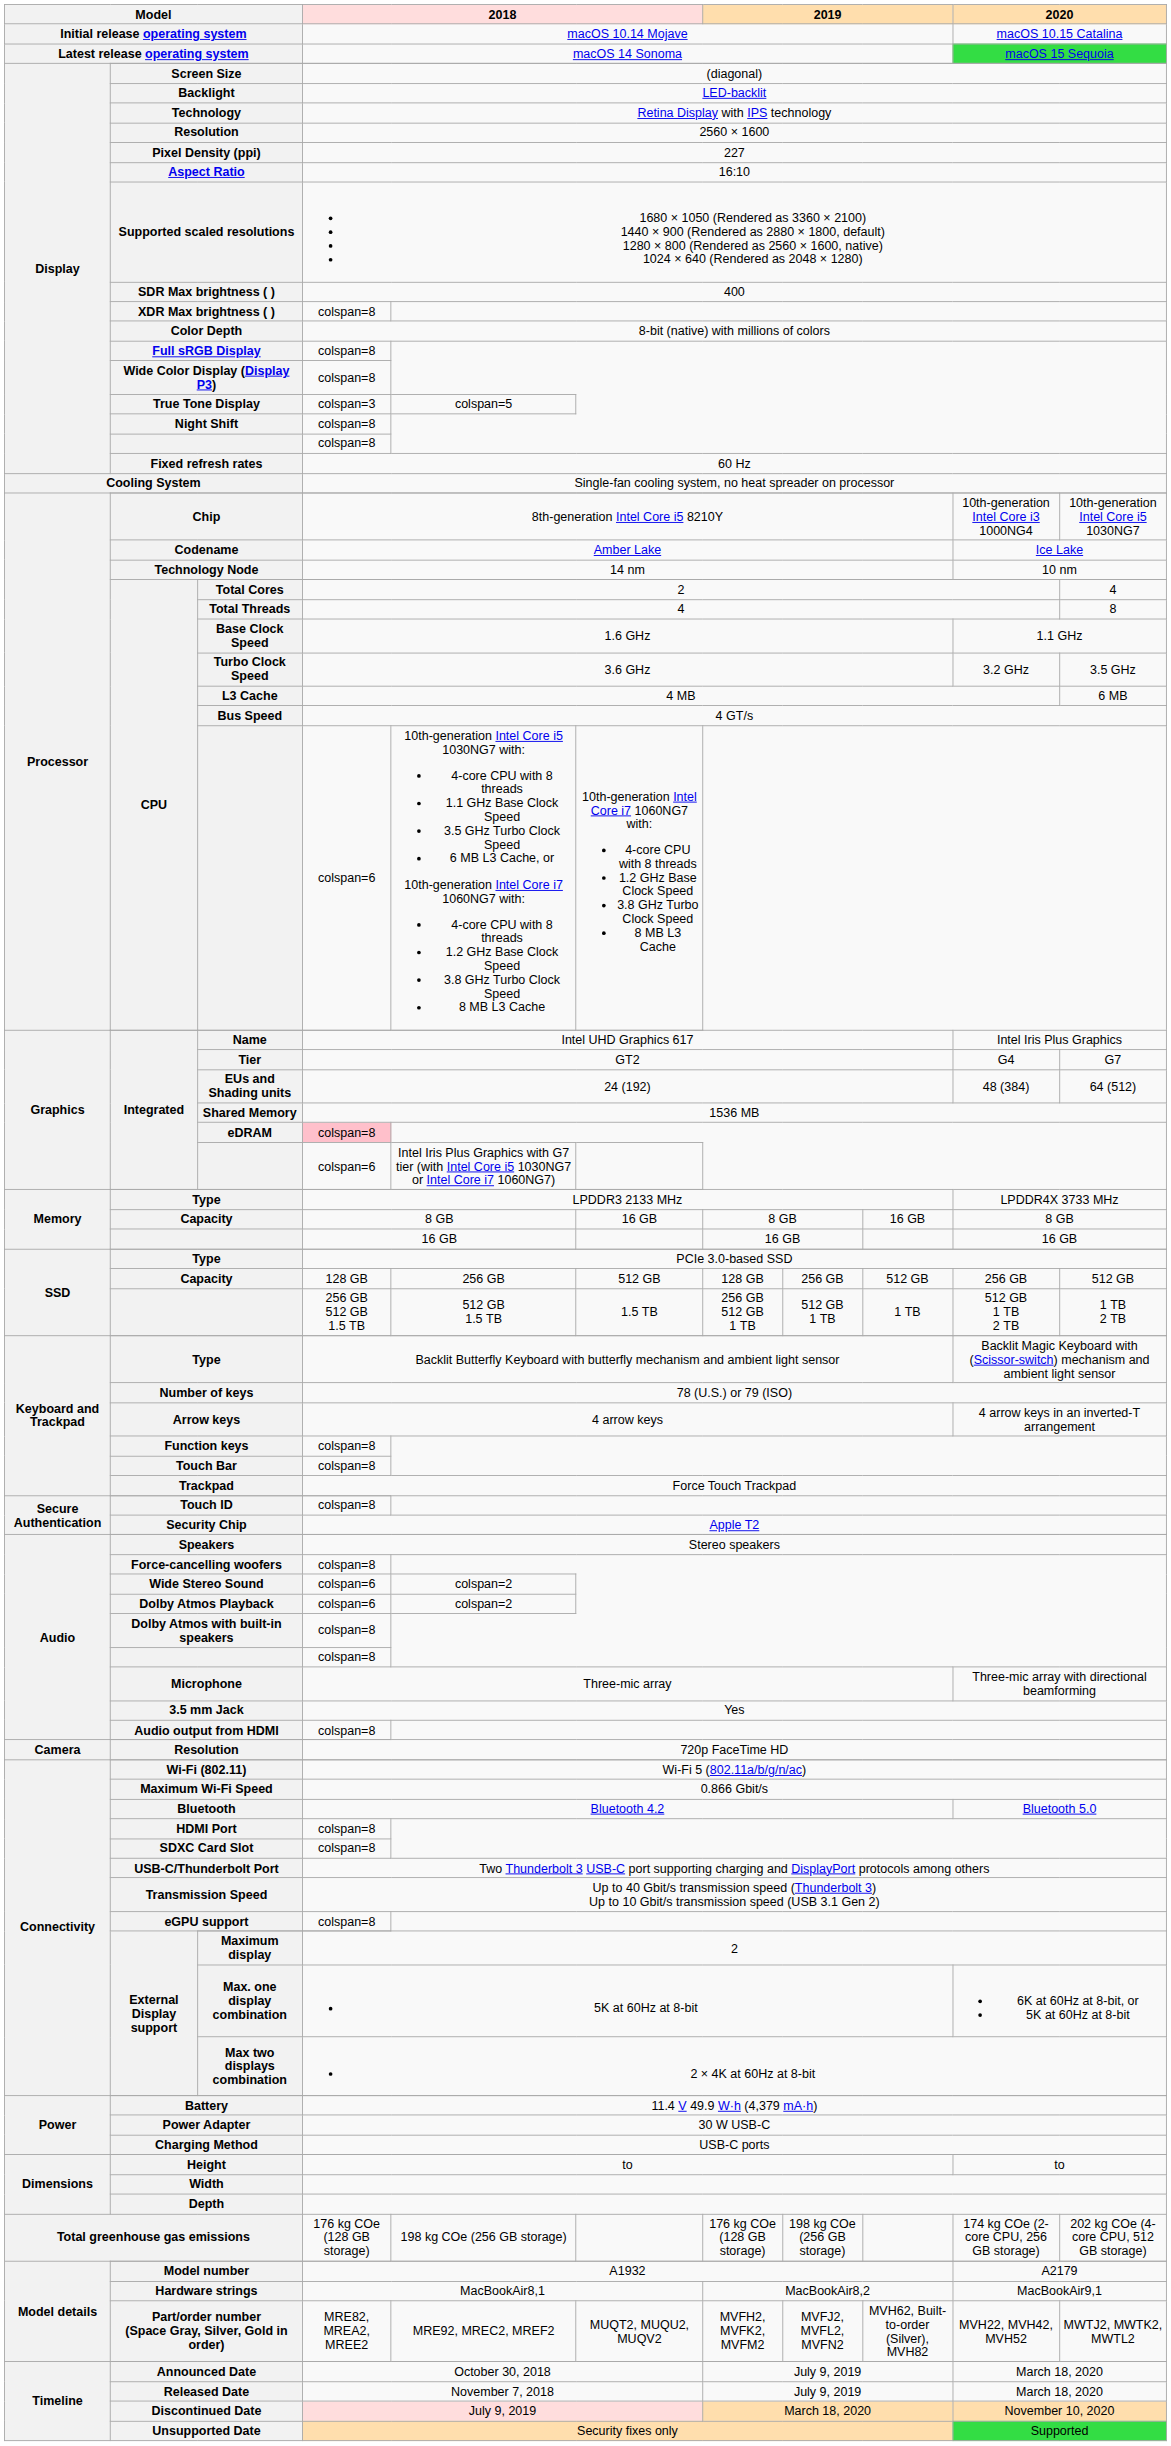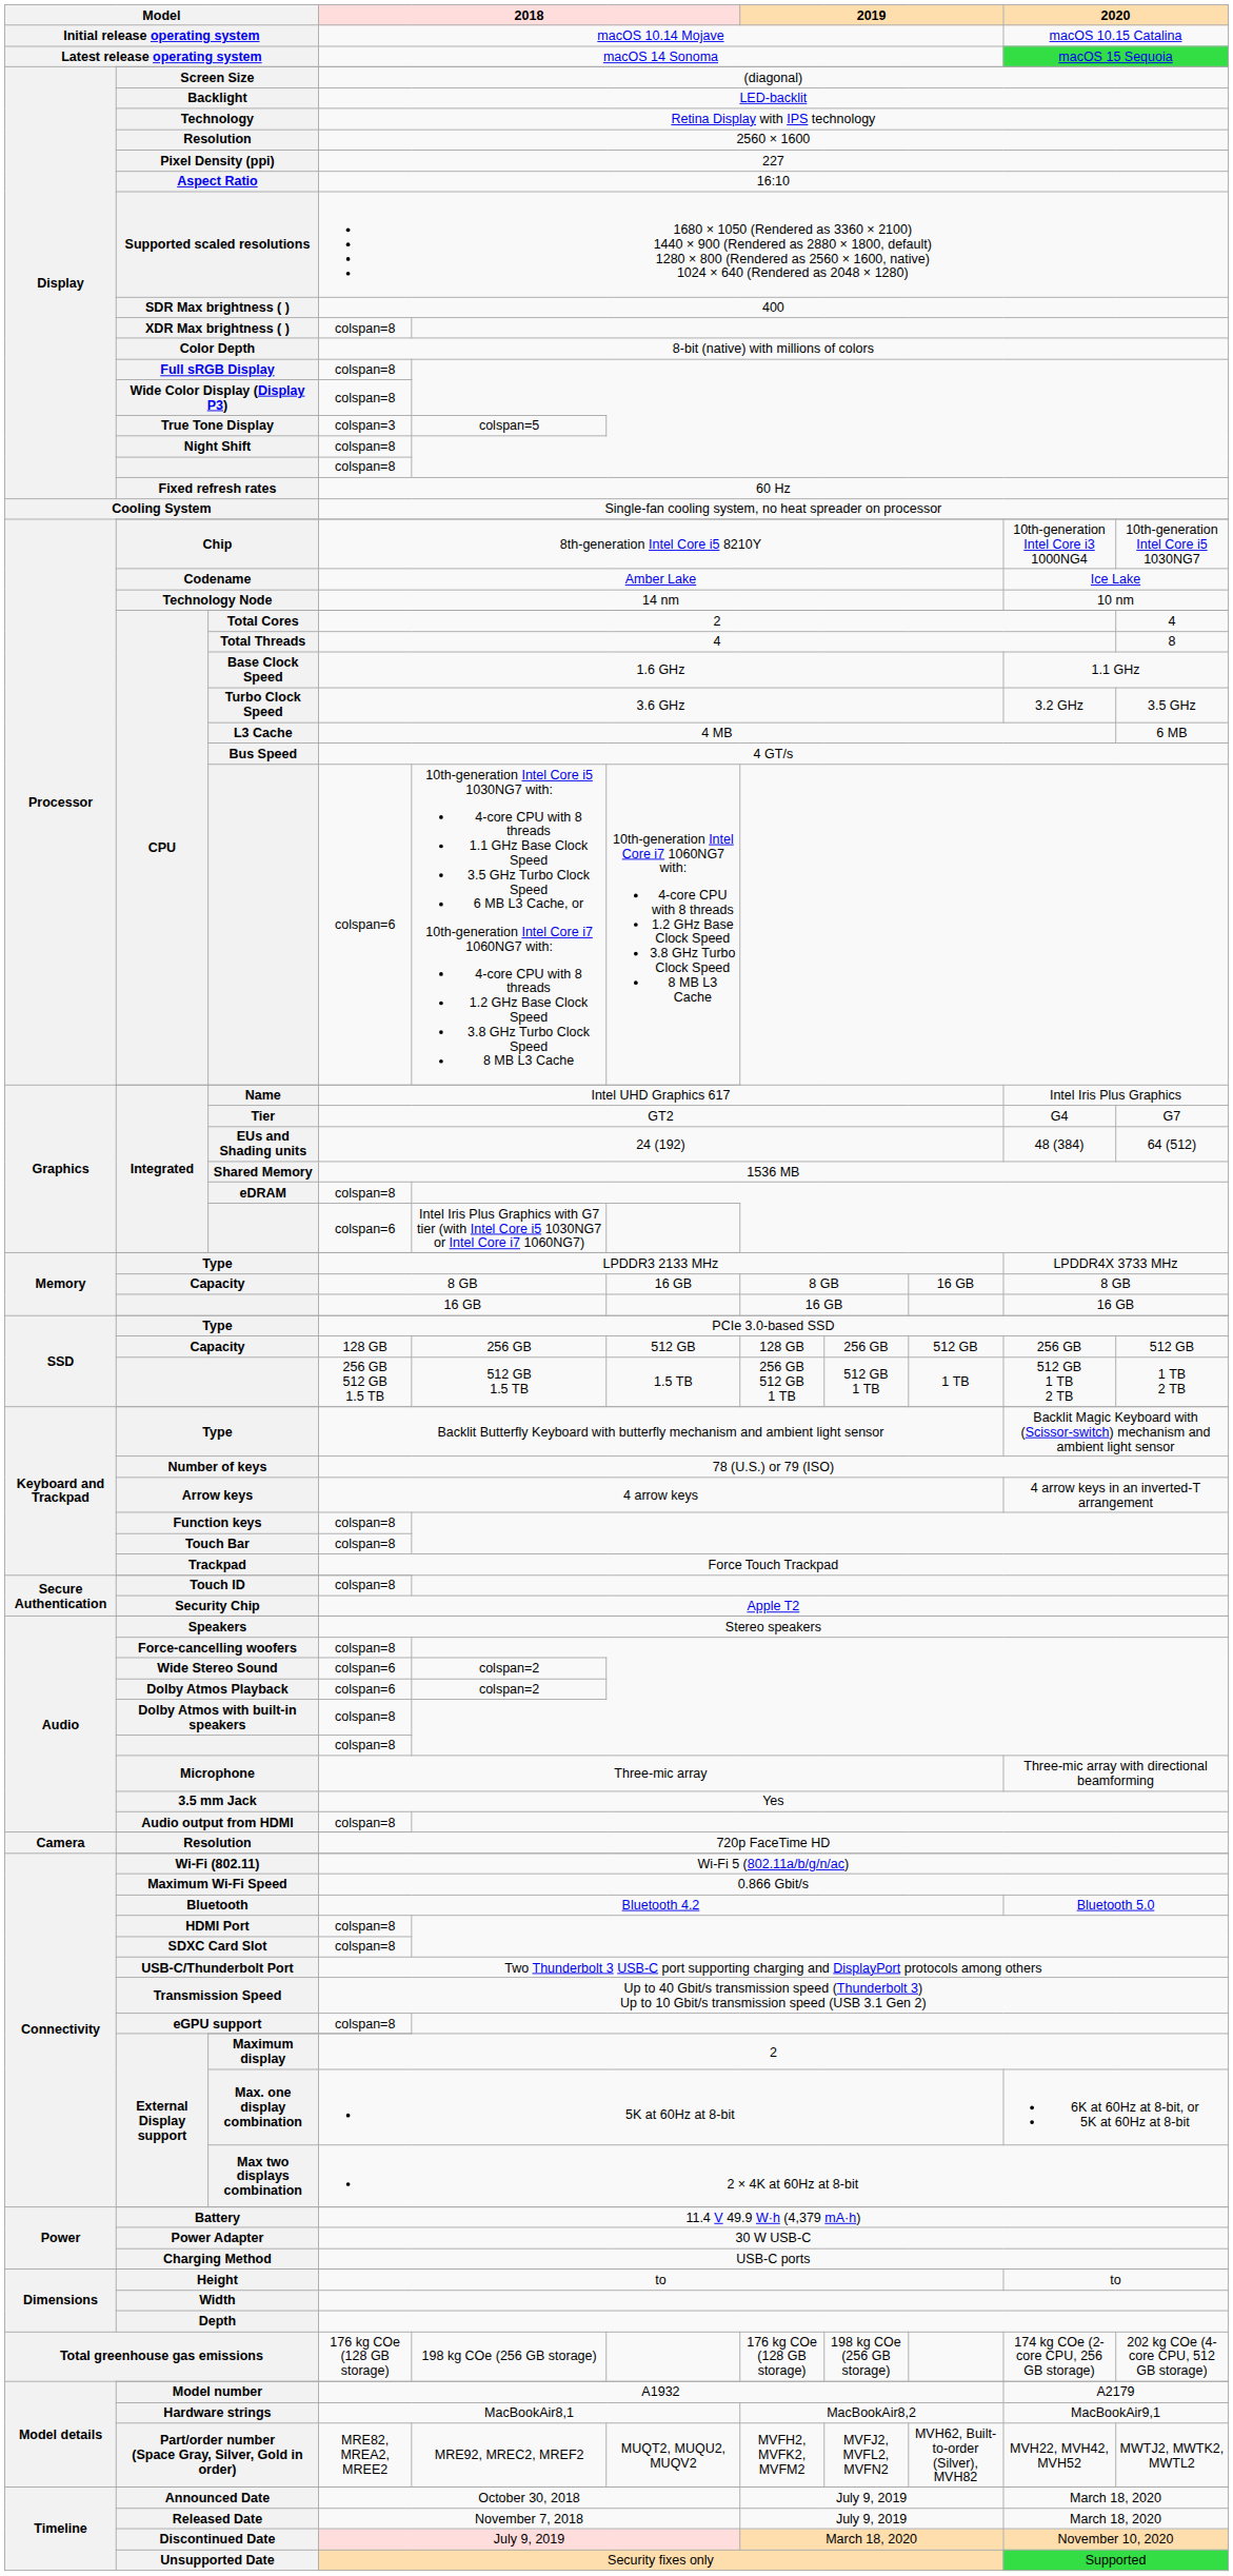 <table class="wikitable collapsible"  style="text-align:center; width:100%; font-size: 85%">
 <tr>
 <th colspan=3 style="background:#silver;">Model</th>
 <th colspan=3 style="background:#ffdddd">2018</th>
 <th colspan=3 style="background:#ffdead">2019</th>
 <th colspan=2 style="background:#ffdead">2020</th>
 </tr>
 <tr>
 <th colspan=3 >Initial release <a href='#'>operating system</a></th>
 <td colspan=6><a href='#'>macOS 10.14 Mojave</a></td>
 <td colspan=2><a href='#'>macOS 10.15 Catalina</a></td>
 </tr>
 <tr>
 <th colspan=3 >Latest release <a href='#'>operating system</a></th>
 <td colspan=6><a href='#'>macOS 14 Sonoma</a></td>
 <td colspan=2 style="background:#3d4;"><a href='#'>macOS 15 Sequoia</a></td>
 </tr>
 <tr>
 <th rowspan=17 >Display</th>
 </tr>
 <tr>
 <th colspan=2 >Screen Size</th>
 <td colspan=8> (diagonal)</td>
 </tr>
 <tr>
 <th colspan=2 >Backlight</th>
 <td colspan=8><a href='#'>LED-backlit</a></td>
 </tr>
 <tr>
 <th colspan=2 >Technology</th>
 <td colspan=8><a href='#'>Retina Display</a> with <a href='#'>IPS</a> technology</td>
 </tr>
 <tr>
 <th colspan=2 >Resolution</th>
 <td colspan=8>2560 × 1600</td>
 </tr>
 <tr>
 <th colspan=2 >Pixel Density (ppi)</th>
 <td colspan=8>227</td>
 </tr>
 <tr>
 <th colspan=2 ><a href='#'>Aspect Ratio</a></th>
 <td colspan=8>16:10</td>
 </tr>
 <tr>
 <th colspan=2 >Supported scaled resolutions</th>
 <td colspan=8><br><ul><li>1680 × 1050 (Rendered as 3360 × 2100)</li><li>1440 × 900 (Rendered as 2880 × 1800, default)</li><li>1280 × 800 (Rendered as 2560 × 1600, native)</li><li>1024 × 640 (Rendered as 2048 × 1280)</li></ul></td>
 </tr>
 <tr>
 <th colspan=2 >SDR Max brightness ( )</th>
 <td colspan=8>400</td>
 </tr>
 <tr>
 <th colspan=2 >XDR Max brightness ( )</th>
 <td>colspan=8 </td>
 </tr>
 <tr>
 <th colspan=2 >Color Depth</th>
 <td colspan=8>8-bit (native) with millions of colors</td>
 </tr>
 <tr>
 <th colspan=2 ><a href='#'>Full sRGB Display</a></th>
 <td>colspan=8 </td>
 </tr>
 <tr>
 <th colspan=2 >Wide Color Display (<a href='#'>Display P3</a>)</th>
 <td>colspan=8 </td>
 </tr>
 <tr>
 <th colspan=2 >True Tone Display</th>
 <td>colspan=3 </td>
 <td>colspan=5 </td>
 </tr>
 <tr>
 <th colspan=2 >Night Shift</th>
 <td>colspan=8 </td>
 </tr>
 <tr>
 <th colspan=2 ></th>
 <td>colspan=8 </td>
 </tr>
 <tr>
 <th colspan=2 >Fixed refresh rates</th>
 <td colspan=8>60 Hz</td>
 </tr>
 <tr>
 <th colspan=3 >Cooling System</th>
 <td colspan=8>Single-fan cooling system, no heat spreader on processor</td>
 </tr>
 <tr>
 <th rowspan=12 >Processor</th>
 </tr>
 <tr>
 <th colspan=2 >Chip</th>
 <td colspan=6>8th-generation <a href='#'>Intel Core i5</a> 8210Y</td>
 <td>10th-generation <a href='#'>Intel Core i3</a> 1000NG4</td>
 <td>10th-generation <a href='#'>Intel Core i5</a> 1030NG7</td>
 </tr>
 <tr>
 <th colspan=2 >Codename</th>
 <td colspan=6><a href='#'>Amber Lake</a></td>
 <td colspan=2><a href='#'>Ice Lake</a></td>
 </tr>
 <tr>
 <th colspan=2 >Technology Node</th>
 <td colspan=6>14 nm</td>
 <td colspan=2>10 nm</td>
 </tr>
 <tr>
 <th rowspan=8 >CPU</th>
 </tr>
 <tr>
 <th>Total Cores</th>
 <td colspan=7>2</td>
 <td>4</td>
 </tr>
 <tr>
 <th>Total Threads</th>
 <td colspan=7>4</td>
 <td>8</td>
 </tr>
 <tr>
 <th>Base Clock Speed</th>
 <td colspan=6>1.6 GHz</td>
 <td colspan=2>1.1 GHz</td>
 </tr>
 <tr>
 <th>Turbo Clock Speed</th>
 <td colspan=6>3.6 GHz</td>
 <td>3.2 GHz</td>
 <td>3.5 GHz</td>
 </tr>
 <tr>
 <th>L3 Cache</th>
 <td colspan=7>4 MB</td>
 <td>6 MB</td>
 </tr>
 <tr>
 <th>Bus Speed</th>
 <td colspan=8>4 GT/s</td>
 </tr>
 <tr>
 <th></th>
 <td>colspan=6 </td>
 <td>10th-generation <a href='#'>Intel Core i5</a> 1030NG7 with:<br><ul><li>4-core CPU with 8 threads</li><li>1.1 GHz Base Clock Speed</li><li>3.5 GHz Turbo Clock Speed</li><li>6 MB L3 Cache, or</li></ul>10th-generation <a href='#'>Intel Core i7</a> 1060NG7 with:<ul><li>4-core CPU with 8 threads</li><li>1.2 GHz Base Clock Speed</li><li>3.8 GHz Turbo Clock Speed</li><li>8 MB L3 Cache</li></ul></td>
 <td>10th-generation <a href='#'>Intel Core i7</a> 1060NG7 with:<br><ul><li>4-core CPU with 8 threads</li><li>1.2 GHz Base Clock Speed</li><li>3.8 GHz Turbo Clock Speed</li><li>8 MB L3 Cache</li></ul></td>
 </tr>
 <tr>
 <th rowspan=8 >Graphics</th>
 </tr>
 <tr>
 <th rowspan=7 >Integrated</th>
 </tr>
 <tr>
 <th>Name</th>
 <td colspan=6>Intel UHD Graphics 617</td>
 <td colspan=2>Intel Iris Plus Graphics</td>
 </tr>
 <tr>
 <th>Tier</th>
 <td colspan=6>GT2</td>
 <td>G4</td>
 <td>G7</td>
 </tr>
 <tr>
 <th>EUs and Shading units</th>
 <td colspan=6>24 (192)</td>
 <td>48 (384)</td>
 <td>64 (512)</td>
 </tr>
 <tr>
 <th>Shared Memory</th>
 <td colspan=8>1536 MB</td>
 </tr>
 <tr>
 <th>eDRAM</th>
-<td style="background: pink;">colspan=8 </td>
+<td>colspan=8 </td>
 </tr>
 <tr>
 <th></th>
 <td>colspan=6 </td>
 <td>Intel Iris Plus Graphics with G7 tier (with <a href='#'>Intel Core i5</a> 1030NG7 or <a href='#'>Intel Core i7</a> 1060NG7)</td>
 <td></td>
 </tr>
 <tr>
 <th rowspan=4 >Memory</th>
 </tr>
 <tr>
 <th colspan=2 >Type</th>
 <td colspan=6>LPDDR3 2133 MHz</td>
 <td colspan=2>LPDDR4X 3733 MHz</td>
 </tr>
 <tr>
 <th colspan=2 >Capacity</th>
 <td colspan=2>8 GB</td>
 <td>16 GB</td>
 <td colspan=2>8 GB</td>
 <td>16 GB</td>
 <td colspan=2>8 GB</td>
 </tr>
 <tr>
 <th colspan=2 ></th>
 <td colspan=2>16 GB</td>
 <td></td>
 <td colspan=2>16 GB</td>
 <td></td>
 <td colspan=2>16 GB</td>
 </tr>
 <tr>
 <th rowspan=4 >SSD</th>
 </tr>
 <tr>
 <th colspan=2 >Type</th>
 <td colspan=8>PCIe 3.0-based SSD</td>
 </tr>
 <tr>
 <th colspan=2 >Capacity</th>
 <td>128 GB</td>
 <td>256 GB</td>
 <td>512 GB</td>
 <td>128 GB</td>
 <td>256 GB</td>
 <td>512 GB</td>
 <td>256 GB</td>
 <td>512 GB</td>
 </tr>
 <tr>
 <th colspan=2 ></th>
 <td>256 GB<br>512 GB<br>1.5 TB</td>
 <td>512 GB<br>1.5 TB</td>
 <td>1.5 TB</td>
 <td>256 GB<br>512 GB<br>1 TB</td>
 <td>512 GB<br>1 TB</td>
 <td>1 TB</td>
 <td>512 GB<br>1 TB<br>2 TB</td>
 <td>1 TB<br>2 TB</td>
 </tr>
 <tr>
 <th rowspan=7 >Keyboard and Trackpad</th>
 </tr>
 <tr>
 <th colspan=2 >Type</th>
 <td colspan=6>Backlit Butterfly Keyboard with butterfly mechanism and ambient light sensor</td>
 <td colspan=2>Backlit Magic Keyboard with (<a href='#'>Scissor-switch</a>) mechanism and ambient light sensor</td>
 </tr>
 <tr>
 <th colspan=2 >Number of keys</th>
 <td colspan=8>78 (U.S.) or 79 (ISO)</td>
 </tr>
 <tr>
 <th colspan=2 >Arrow keys</th>
 <td colspan=6>4 arrow keys</td>
 <td colspan=2>4 arrow keys in an inverted-T arrangement</td>
 </tr>
 <tr>
 <th colspan=2 >Function keys</th>
 <td>colspan=8 </td>
 </tr>
 <tr>
 <th colspan=2 >Touch Bar</th>
 <td>colspan=8 </td>
 </tr>
 <tr>
 <th colspan=2 >Trackpad</th>
 <td colspan=8>Force Touch Trackpad</td>
 </tr>
 <tr>
 <th rowspan=3 >Secure Authentication</th>
 </tr>
 <tr>
 <th colspan=2 >Touch ID</th>
 <td>colspan=8 </td>
 </tr>
 <tr>
 <th colspan=2 >Security Chip</th>
 <td colspan=8><a href='#'>Apple T2</a></td>
 </tr>
 <tr>
 <th rowspan=10 >Audio</th>
 </tr>
 <tr>
 <th colspan=2 >Speakers</th>
 <td colspan=8>Stereo speakers</td>
 </tr>
 <tr>
 <th colspan=2 >Force-cancelling woofers</th>
 <td>colspan=8 </td>
 </tr>
 <tr>
 <th colspan=2 >Wide Stereo Sound</th>
 <td>colspan=6 </td>
 <td>colspan=2 </td>
 </tr>
 <tr>
 <th colspan=2 >Dolby Atmos Playback</th>
 <td>colspan=6 </td>
 <td>colspan=2 </td>
 </tr>
 <tr>
 <th colspan=2 >Dolby Atmos with built-in speakers</th>
 <td>colspan=8 </td>
 </tr>
 <tr>
 <th colspan=2 ></th>
 <td>colspan=8 </td>
 </tr>
 <tr>
 <th colspan=2 >Microphone</th>
 <td colspan=6>Three-mic array</td>
 <td colspan=2>Three-mic array with directional beamforming</td>
 </tr>
 <tr>
 <th colspan=2 >3.5 mm Jack</th>
 <td colspan=8>Yes</td>
 </tr>
 <tr>
 <th colspan=2 >Audio output from HDMI</th>
 <td>colspan=8 </td>
 </tr>
 <tr>
 <th rowspan=2 >Camera</th>
 </tr>
 <tr>
 <th colspan=2 >Resolution</th>
 <td colspan=8>720p FaceTime HD</td>
 </tr>
 <tr>
 <th rowspan=13 >Connectivity</th>
 </tr>
 <tr>
 <th colspan=2 >Wi-Fi (802.11)</th>
 <td colspan=8>Wi-Fi 5 (<a href='#'>802.11a/b/g/n/ac</a>)</td>
 </tr>
 <tr>
 <th colspan=2 >Maximum Wi-Fi Speed</th>
 <td colspan=8>0.866 Gbit/s</td>
 </tr>
 <tr>
 <th colspan=2 >Bluetooth</th>
 <td colspan=6><a href='#'>Bluetooth 4.2</a></td>
 <td colspan=2><a href='#'>Bluetooth 5.0</a></td>
 </tr>
 <tr>
 <th colspan=2 >HDMI Port</th>
 <td>colspan=8 </td>
 </tr>
 <tr>
 <th colspan=2 >SDXC Card Slot</th>
 <td>colspan=8 </td>
 </tr>
 <tr>
 <th colspan=2 >USB-C/Thunderbolt Port</th>
 <td colspan=8>Two <a href='#'>Thunderbolt 3</a> <a href='#'>USB-C</a> port supporting charging and <a href='#'>DisplayPort</a> protocols among others</td>
 </tr>
 <tr>
 <th colspan=2 >Transmission Speed</th>
 <td colspan=8>Up to 40 Gbit/s transmission speed (<a href='#'>Thunderbolt 3</a>)<br>Up to 10 Gbit/s transmission speed (USB 3.1 Gen 2)</td>
 </tr>
 <tr>
 <th colspan=2 >eGPU support</th>
 <td>colspan=8 </td>
 </tr>
 <tr>
 <th rowspan=4 >External Display support</th>
 </tr>
 <tr>
 <th>Maximum display</th>
 <td colspan=8>2</td>
 </tr>
 <tr>
 <th>Max. one display combination</th>
 <td colspan=6><br><ul><li>5K at 60Hz at 8-bit</li></ul></td>
 <td colspan=2><br><ul><li>6K at 60Hz at 8-bit, or</li><li>5K at 60Hz at 8-bit</li></ul></td>
 </tr>
 <tr>
 <th>Max two displays combination</th>
 <td colspan=8><br><ul><li>2 × 4K at 60Hz at 8-bit</li></ul></td>
 </tr>
 <tr>
 <th rowspan=4 >Power</th>
 </tr>
 <tr>
 <th colspan=2 >Battery</th>
 <td colspan=8>11.4 <a href='#'>V</a> 49.9 <a href='#'>W·h</a> (4,379 <a href='#'>mA·h</a>)</td>
 </tr>
 <tr>
 <th colspan=2 >Power Adapter</th>
 <td colspan=8>30 W USB-C</td>
 </tr>
 <tr>
 <th colspan=2 >Charging Method</th>
 <td colspan=8>USB-C ports</td>
 </tr>
 <tr>
 <th rowspan=4 >Dimensions</th>
 </tr>
 <tr>
 <th colspan=2 >Height</th>
 <td colspan=6> to </td>
 <td colspan=2> to </td>
 </tr>
 <tr>
 <th colspan=2 >Width</th>
 <td colspan=8></td>
 </tr>
 <tr>
 <th colspan=2 >Depth</th>
 <td colspan=8></td>
 </tr>
 <tr>
 <th colspan="3" >Total greenhouse gas emissions</th>
 <td>176 kg COe (128 GB storage)</td>
 <td>198 kg COe (256 GB storage)</td>
 <td></td>
 <td>176 kg COe (128 GB storage)</td>
 <td>198 kg COe (256 GB storage)</td>
 <td></td>
 <td>174 kg COe (2-core CPU, 256 GB storage)</td>
 <td>202 kg COe (4-core CPU, 512 GB storage)</td>
 </tr>
 <tr>
 <th rowspan="4" >Model details</th>
 </tr>
 <tr>
 <th colspan="2" >Model number</th>
 <td colspan="6">A1932</td>
 <td colspan="2">A2179</td>
 </tr>
 <tr>
 <th colspan="2" >Hardware strings</th>
 <td colspan="3">MacBookAir8,1</td>
 <td colspan="3">MacBookAir8,2</td>
 <td colspan="2">MacBookAir9,1</td>
 </tr>
 <tr>
 <th colspan="2" >Part/order number<br>(Space Gray, Silver, Gold in order)</th>
 <td>MRE82, MREA2, MREE2</td>
 <td>MRE92, MREC2, MREF2</td>
 <td>MUQT2, MUQU2, MUQV2</td>
 <td>MVFH2, MVFK2, MVFM2</td>
 <td>MVFJ2, MVFL2, MVFN2</td>
 <td>MVH62, Built-to-order (Silver), MVH82</td>
 <td>MVH22, MVH42, MVH52</td>
 <td>MWTJ2, MWTK2, MWTL2</td>
 </tr>
 <tr>
 <th rowspan="5" >Timeline</th>
 </tr>
 <tr>
 <th colspan="2" >Announced Date</th>
 <td colspan="3">October 30, 2018</td>
 <td colspan="3">July 9, 2019</td>
 <td colspan="2">March 18, 2020</td>
 </tr>
 <tr>
 <th colspan="2" >Released Date</th>
 <td colspan="3">November 7, 2018</td>
 <td colspan="3">July 9, 2019</td>
 <td colspan="2">March 18, 2020</td>
 </tr>
 <tr>
 <th colspan="2" >Discontinued Date</th>
 <td colspan="3" style="background:#ffdddd">July 9, 2019</td>
 <td colspan="3" style="background:#ffdead">March 18, 2020</td>
 <td colspan="2" style="background:#ffdead">November 10, 2020</td>
 </tr>
 <tr>
 <th colspan="2" >Unsupported Date</th>
 <td colspan="6" style="background:#ffdead">Security fixes only</td>
 <td colspan="2" style="background:#3d4;">Supported</td>
 </tr>
 </table>
